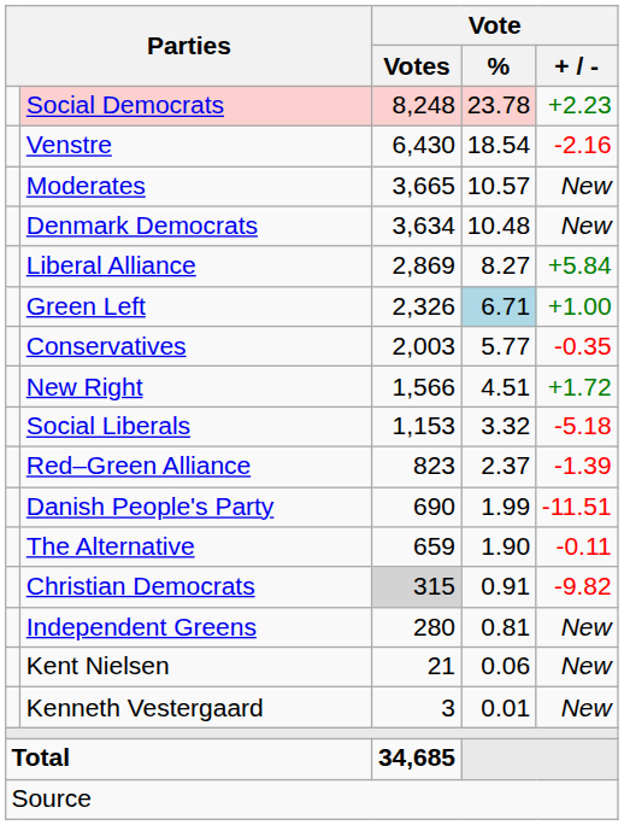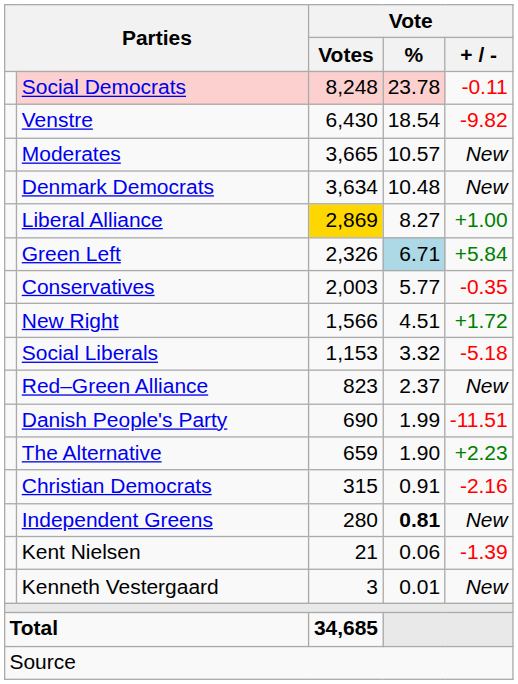 <table class="wikitable" style="text-align:right;">
 <tr>
 <th style="text-align:centre;" rowspan="2" colspan="2" width="225">Parties</th>
 <th colspan="3">Vote</th>
 </tr>
 <tr>
 <th width="15">Votes</th>
 <th width="15">%</th>
 <th width="15">+ / -</th>
 </tr>
 <tr>
 <td width="2" style="color:inherit;background:"></td>
 <td bgcolor=#fbd0ce  align="left"><a href='#'>Social Democrats</a></td>
 <td bgcolor=#fbd0ce>8,248</td>
 <td bgcolor=#fbd0ce>23.78</td>
-<td style=color:green;>+2.23</td>
+<td style=color:red;>-0.11</td>
 </tr>
 <tr>
 <td width="2" style="color:inherit;background:"></td>
 <td align="left"><a href='#'>Venstre</a></td>
 <td>6,430</td>
 <td>18.54</td>
-<td style=color:red;>-2.16</td>
+<td style=color:red;>-9.82</td>
 </tr>
 <tr>
 <td width="2" style="color:inherit;background:"></td>
 <td align="left"><a href='#'>Moderates</a></td>
 <td>3,665</td>
 <td>10.57</td>
 <td><em>New</em></td>
 </tr>
 <tr>
 <td width="2" style="color:inherit;background:"></td>
 <td align="left"><a href='#'>Denmark Democrats</a></td>
 <td>3,634</td>
 <td>10.48</td>
 <td><em>New</em></td>
 </tr>
 <tr>
 <td width="2" style="color:inherit;background:"></td>
 <td align="left"><a href='#'>Liberal Alliance</a></td>
-<td>2,869</td>
+<td style="background: gold;">2,869</td>
 <td>8.27</td>
-<td style=color:green;>+5.84</td>
+<td style=color:green;>+1.00</td>
 </tr>
 <tr>
 <td width="2" style="color:inherit;background:"></td>
 <td align="left"><a href='#'>Green Left</a></td>
 <td>2,326</td>
 <td style="background: lightblue;">6.71</td>
-<td style=color:green;>+1.00</td>
+<td style=color:green;>+5.84</td>
 </tr>
 <tr>
 <td width="2" style="color:inherit;background:"></td>
 <td align="left"><a href='#'>Conservatives</a></td>
 <td>2,003</td>
 <td>5.77</td>
 <td style=color:red;>-0.35</td>
 </tr>
 <tr>
 <td width="2" style="color:inherit;background:"></td>
 <td align="left"><a href='#'>New Right</a></td>
 <td>1,566</td>
 <td>4.51</td>
 <td style=color:green;>+1.72</td>
 </tr>
 <tr>
 <td width="2" style="color:inherit;background:"></td>
 <td align="left"><a href='#'>Social Liberals</a></td>
 <td>1,153</td>
 <td>3.32</td>
 <td style=color:red;>-5.18</td>
 </tr>
 <tr>
 <td width="2" style="color:inherit;background:"></td>
 <td align="left"><a href='#'>Red–Green Alliance</a></td>
 <td>823</td>
 <td>2.37</td>
-<td style=color:red;>-1.39</td>
+<td><em>New</em></td>
 </tr>
 <tr>
 <td width="2" style="color:inherit;background:"></td>
 <td align="left"><a href='#'>Danish People's Party</a></td>
 <td>690</td>
 <td>1.99</td>
 <td style=color:red;>-11.51</td>
 </tr>
 <tr>
 <td width="2" style="color:inherit;background:"></td>
 <td align="left"><a href='#'>The Alternative</a></td>
 <td>659</td>
 <td>1.90</td>
-<td style=color:red;>-0.11</td>
+<td style=color:green;>+2.23</td>
 </tr>
 <tr>
 <td width="2" style="color:inherit;background:"></td>
 <td align="left"><a href='#'>Christian Democrats</a></td>
-<td style="background: lightgrey;">315</td>
+<td>315</td>
 <td>0.91</td>
-<td style=color:red;>-9.82</td>
+<td style=color:red;>-2.16</td>
 </tr>
 <tr>
 <td width="2" style="color:inherit;background:"></td>
 <td align="left"><a href='#'>Independent Greens</a></td>
 <td>280</td>
-<td>0.81</td>
+<td><strong>0.81</strong></td>
 <td><em>New</em></td>
 </tr>
 <tr>
 <td width="2" style="color:inherit;background:"></td>
 <td align="left">Kent Nielsen</td>
 <td>21</td>
 <td>0.06</td>
-<td><em>New</em></td>
+<td style=color:red;>-1.39</td>
 </tr>
 <tr>
 <td width="2" style="color:inherit;background:"></td>
 <td align="left">Kenneth Vestergaard</td>
 <td>3</td>
 <td>0.01</td>
 <td><em>New</em></td>
 </tr>
 <tr>
 <td colspan="7" bgcolor="#E9E9E9"></td>
 </tr>
 <tr>
 <td align="left" colspan="2"><strong>Total</strong></td>
 <td><strong>34,685</strong></td>
 <td bgcolor="#E9E9E9" colspan="2"></td>
 </tr>
 <tr>
 <td align="left" colspan="6">Source</td>
 </tr>
 </table>
